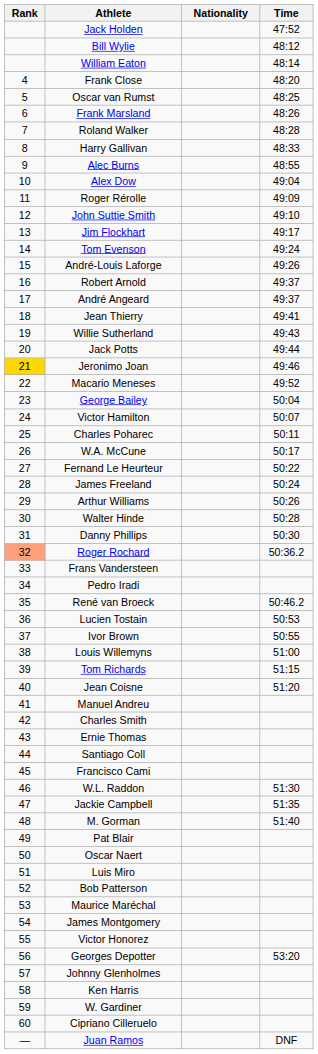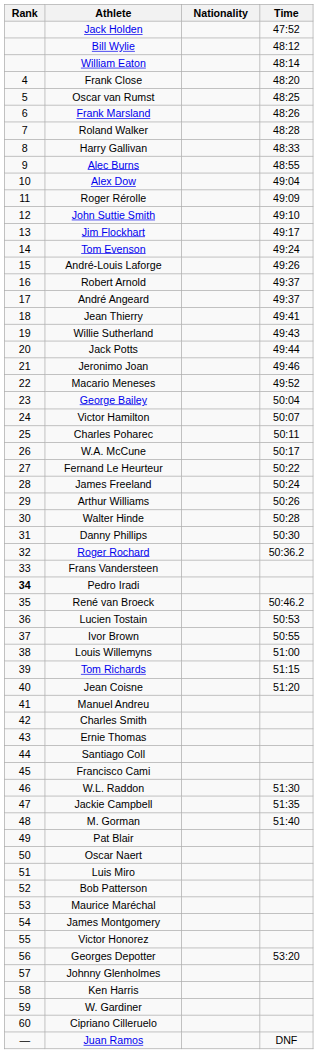 <table class="wikitable sortable" style=" text-align:center; font-size:95%;" width="50%">
 <tr>
 <th>Rank</th>
 <th>Athlete</th>
 <th>Nationality</th>
 <th>Time</th>
 </tr>
 <tr>
 <td align=center></td>
 <td><a href='#'>Jack Holden</a></td>
 <td></td>
 <td>47:52</td>
 </tr>
 <tr>
 <td align=center></td>
 <td><a href='#'>Bill Wylie</a></td>
 <td></td>
 <td>48:12</td>
 </tr>
 <tr>
 <td align=center></td>
 <td><a href='#'>William Eaton</a></td>
 <td></td>
 <td>48:14</td>
 </tr>
 <tr>
 <td align=center>4</td>
 <td>Frank Close</td>
 <td></td>
 <td>48:20</td>
 </tr>
 <tr>
 <td align=center>5</td>
 <td>Oscar van Rumst</td>
 <td></td>
 <td>48:25</td>
 </tr>
 <tr>
 <td align=center>6</td>
 <td><a href='#'>Frank Marsland</a></td>
 <td></td>
 <td>48:26</td>
 </tr>
 <tr>
 <td align=center>7</td>
 <td>Roland Walker</td>
 <td></td>
 <td>48:28</td>
 </tr>
 <tr>
 <td align=center>8</td>
 <td>Harry Gallivan</td>
 <td></td>
 <td>48:33</td>
 </tr>
 <tr>
 <td align=center>9</td>
 <td><a href='#'>Alec Burns</a></td>
 <td></td>
 <td>48:55</td>
 </tr>
 <tr>
 <td align=center>10</td>
 <td><a href='#'>Alex Dow</a></td>
 <td></td>
 <td>49:04</td>
 </tr>
 <tr>
 <td align=center>11</td>
 <td>Roger Rérolle</td>
 <td></td>
 <td>49:09</td>
 </tr>
 <tr>
 <td align=center>12</td>
 <td><a href='#'>John Suttie Smith</a></td>
 <td></td>
 <td>49:10</td>
 </tr>
 <tr>
 <td align=center>13</td>
 <td><a href='#'>Jim Flockhart</a></td>
 <td></td>
 <td>49:17</td>
 </tr>
 <tr>
 <td align=center>14</td>
 <td><a href='#'>Tom Evenson</a></td>
 <td></td>
 <td>49:24</td>
 </tr>
 <tr>
 <td align=center>15</td>
 <td>André-Louis Laforge</td>
 <td></td>
 <td>49:26</td>
 </tr>
 <tr>
 <td align=center>16</td>
 <td>Robert Arnold</td>
 <td></td>
 <td>49:37</td>
 </tr>
 <tr>
 <td align=center>17</td>
 <td>André Angeard</td>
 <td></td>
 <td>49:37</td>
 </tr>
 <tr>
 <td align=center>18</td>
 <td>Jean Thierry</td>
 <td></td>
 <td>49:41</td>
 </tr>
 <tr>
 <td align=center>19</td>
 <td>Willie Sutherland</td>
 <td></td>
 <td>49:43</td>
 </tr>
 <tr>
 <td align=center>20</td>
 <td>Jack Potts</td>
 <td></td>
 <td>49:44</td>
 </tr>
 <tr>
-<td align=center style="background: gold;">21</td>
+<td align=center>21</td>
 <td>Jeronimo Joan</td>
 <td></td>
 <td>49:46</td>
 </tr>
 <tr>
 <td align=center>22</td>
 <td>Macario Meneses</td>
 <td></td>
 <td>49:52</td>
 </tr>
 <tr>
 <td align=center>23</td>
 <td><a href='#'>George Bailey</a></td>
 <td></td>
 <td>50:04</td>
 </tr>
 <tr>
 <td align=center>24</td>
 <td>Victor Hamilton</td>
 <td></td>
 <td>50:07</td>
 </tr>
 <tr>
 <td align=center>25</td>
 <td>Charles Poharec</td>
 <td></td>
 <td>50:11</td>
 </tr>
 <tr>
 <td align=center>26</td>
 <td>W.A. McCune</td>
 <td></td>
 <td>50:17</td>
 </tr>
 <tr>
 <td align=center>27</td>
 <td>Fernand Le Heurteur</td>
 <td></td>
 <td>50:22</td>
 </tr>
 <tr>
 <td align=center>28</td>
 <td>James Freeland</td>
 <td></td>
 <td>50:24</td>
 </tr>
 <tr>
 <td align=center>29</td>
 <td>Arthur Williams</td>
 <td></td>
 <td>50:26</td>
 </tr>
 <tr>
 <td align=center>30</td>
 <td>Walter Hinde</td>
 <td></td>
 <td>50:28</td>
 </tr>
 <tr>
 <td align=center>31</td>
 <td>Danny Phillips</td>
 <td></td>
 <td>50:30</td>
 </tr>
 <tr>
-<td align=center style="background: lightsalmon;">32</td>
+<td align=center>32</td>
 <td><a href='#'>Roger Rochard</a></td>
 <td></td>
 <td>50:36.2</td>
 </tr>
 <tr>
 <td align=center>33</td>
 <td>Frans Vandersteen</td>
 <td></td>
 <td></td>
 </tr>
 <tr>
-<td align=center>34</td>
+<td align=center><strong>34</strong></td>
 <td>Pedro Iradi</td>
 <td></td>
 <td></td>
 </tr>
 <tr>
 <td align=center>35</td>
 <td>René van Broeck</td>
 <td></td>
 <td>50:46.2</td>
 </tr>
 <tr>
 <td align=center>36</td>
 <td>Lucien Tostain</td>
 <td></td>
 <td>50:53</td>
 </tr>
 <tr>
 <td align=center>37</td>
 <td>Ivor Brown</td>
 <td></td>
 <td>50:55</td>
 </tr>
 <tr>
 <td align=center>38</td>
 <td>Louis Willemyns</td>
 <td></td>
 <td>51:00</td>
 </tr>
 <tr>
 <td align=center>39</td>
 <td><a href='#'>Tom Richards</a></td>
 <td></td>
 <td>51:15</td>
 </tr>
 <tr>
 <td align=center>40</td>
 <td>Jean Coisne</td>
 <td></td>
 <td>51:20</td>
 </tr>
 <tr>
 <td align=center>41</td>
 <td>Manuel Andreu</td>
 <td></td>
 <td></td>
 </tr>
 <tr>
 <td align=center>42</td>
 <td>Charles Smith</td>
 <td></td>
 <td></td>
 </tr>
 <tr>
 <td align=center>43</td>
 <td>Ernie Thomas</td>
 <td></td>
 <td></td>
 </tr>
 <tr>
 <td align=center>44</td>
 <td>Santiago Coll</td>
 <td></td>
 <td></td>
 </tr>
 <tr>
 <td align=center>45</td>
 <td>Francisco Cami</td>
 <td></td>
 <td></td>
 </tr>
 <tr>
 <td align=center>46</td>
 <td>W.L. Raddon</td>
 <td></td>
 <td>51:30</td>
 </tr>
 <tr>
 <td align=center>47</td>
 <td>Jackie Campbell</td>
 <td></td>
 <td>51:35</td>
 </tr>
 <tr>
 <td align=center>48</td>
 <td>M. Gorman</td>
 <td></td>
 <td>51:40</td>
 </tr>
 <tr>
 <td align=center>49</td>
 <td>Pat Blair</td>
 <td></td>
 <td></td>
 </tr>
 <tr>
 <td align=center>50</td>
 <td>Oscar Naert</td>
 <td></td>
 <td></td>
 </tr>
 <tr>
 <td align=center>51</td>
 <td>Luis Miro</td>
 <td></td>
 <td></td>
 </tr>
 <tr>
 <td align=center>52</td>
 <td>Bob Patterson</td>
 <td></td>
 <td></td>
 </tr>
 <tr>
 <td align=center>53</td>
 <td>Maurice Maréchal</td>
 <td></td>
 <td></td>
 </tr>
 <tr>
 <td align=center>54</td>
 <td>James Montgomery</td>
 <td></td>
 <td></td>
 </tr>
 <tr>
 <td align=center>55</td>
 <td>Victor Honorez</td>
 <td></td>
 <td></td>
 </tr>
 <tr>
 <td align=center>56</td>
 <td>Georges Depotter</td>
 <td></td>
 <td>53:20</td>
 </tr>
 <tr>
 <td align=center>57</td>
 <td>Johnny Glenholmes</td>
 <td></td>
 <td></td>
 </tr>
 <tr>
 <td align=center>58</td>
 <td>Ken Harris</td>
 <td></td>
 <td></td>
 </tr>
 <tr>
 <td align=center>59</td>
 <td>W. Gardiner</td>
 <td></td>
 <td></td>
 </tr>
 <tr>
 <td align=center>60</td>
 <td>Cipriano Cilleruelo</td>
 <td></td>
 <td></td>
 </tr>
 <tr>
 <td align=center>—</td>
 <td><a href='#'>Juan Ramos</a></td>
 <td></td>
 <td>DNF</td>
 </tr>
 </table>
